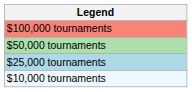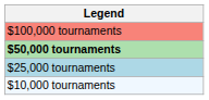 <table class="wikitable" style="font-size:85%; width:15%;">
 <tr>
 <th>Legend</th>
 </tr>
 <tr style="background:#f88379;">
 <td>$100,000 tournaments</td>
 </tr>
 <tr style="background:#addfad;">
-<td>$50,000 tournaments</td>
+<td><strong>$50,000 tournaments</strong></td>
 </tr>
 <tr style="background:lightblue;">
 <td>$25,000 tournaments</td>
 </tr>
 <tr style="background:#f0f8ff;">
 <td>$10,000 tournaments</td>
 </tr>
 </table>
